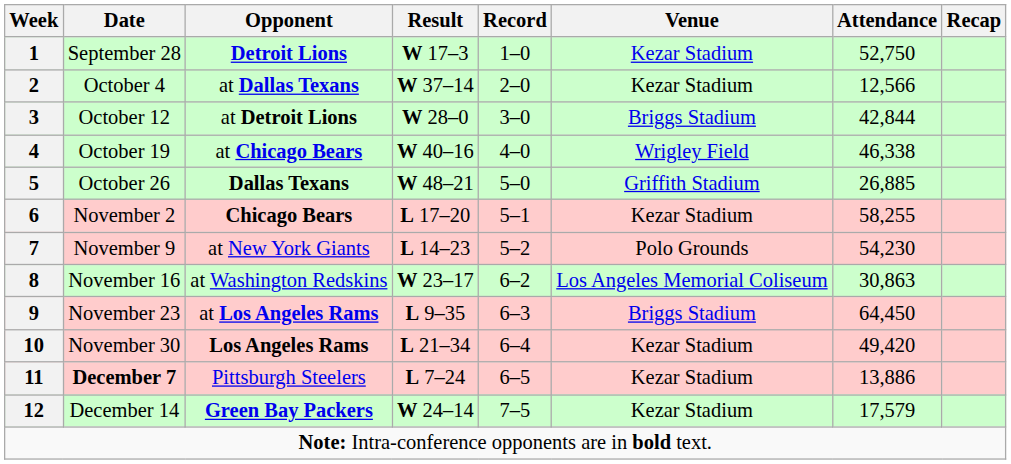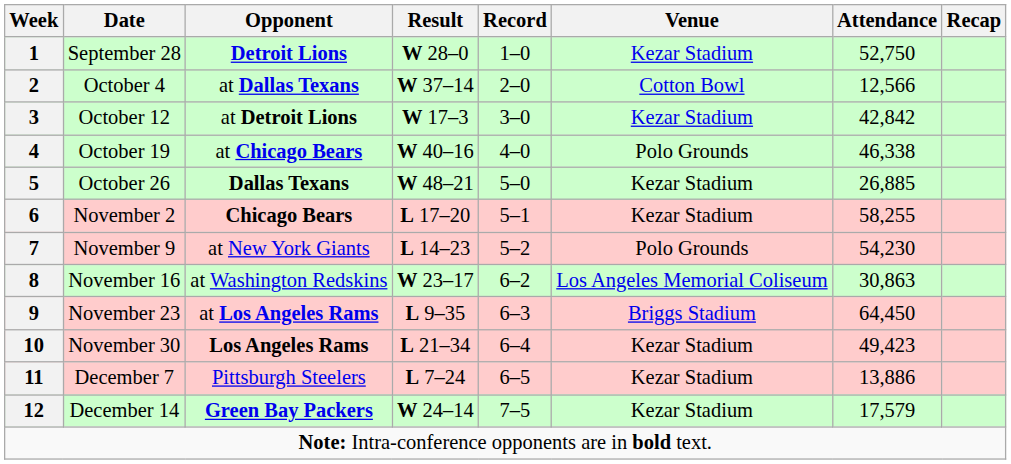 <table class="wikitable" style="text-align:center">
 <tr>
 <th>Week</th>
 <th>Date</th>
 <th>Opponent</th>
 <th>Result</th>
 <th>Record</th>
 <th>Venue</th>
 <th>Attendance</th>
 <th>Recap</th>
 </tr>
 <tr style="background:#cfc">
 <th>1</th>
 <td>September 28</td>
 <td><strong><a href='#'>Detroit Lions</a></strong></td>
-<td><strong>W</strong> 17–3</td>
+<td><strong>W</strong> 28–0</td>
 <td>1–0</td>
 <td><a href='#'>Kezar Stadium</a></td>
 <td>52,750</td>
 <td></td>
 </tr>
 <tr style="background:#cfc">
 <th>2</th>
 <td>October 4</td>
 <td>at <strong><a href='#'>Dallas Texans</a></strong></td>
 <td><strong>W</strong> 37–14</td>
 <td>2–0</td>
-<td>Kezar Stadium</td>
+<td><a href='#'>Cotton Bowl</a></td>
 <td>12,566</td>
 <td></td>
 </tr>
 <tr style="background:#cfc">
 <th>3</th>
 <td>October 12</td>
 <td>at <strong>Detroit Lions</strong></td>
-<td><strong>W</strong> 28–0</td>
+<td><strong>W</strong> 17–3</td>
 <td>3–0</td>
-<td><a href='#'>Briggs Stadium</a></td>
-<td>42,844</td>
+<td><a href='#'>Kezar Stadium</a></td>
+<td>42,842</td>
 <td></td>
 </tr>
 <tr style="background:#cfc">
 <th>4</th>
 <td>October 19</td>
 <td>at <strong><a href='#'>Chicago Bears</a></strong></td>
 <td><strong>W</strong> 40–16</td>
 <td>4–0</td>
-<td><a href='#'>Wrigley Field</a></td>
+<td>Polo Grounds</td>
 <td>46,338</td>
 <td></td>
 </tr>
 <tr style="background:#cfc">
 <th>5</th>
 <td>October 26</td>
 <td><strong>Dallas Texans</strong></td>
 <td><strong>W</strong> 48–21</td>
 <td>5–0</td>
-<td><a href='#'>Griffith Stadium</a></td>
+<td>Kezar Stadium</td>
 <td>26,885</td>
 <td></td>
 </tr>
 <tr style="background:#fcc">
 <th>6</th>
 <td>November 2</td>
 <td><strong>Chicago Bears</strong></td>
 <td><strong>L</strong> 17–20</td>
 <td>5–1</td>
 <td>Kezar Stadium</td>
 <td>58,255</td>
 <td></td>
 </tr>
 <tr style="background:#fcc">
 <th>7</th>
 <td>November 9</td>
 <td>at <a href='#'>New York Giants</a></td>
 <td><strong>L</strong> 14–23</td>
 <td>5–2</td>
 <td>Polo Grounds</td>
 <td>54,230</td>
 <td></td>
 </tr>
 <tr style="background:#cfc">
 <th>8</th>
 <td>November 16</td>
 <td>at <a href='#'>Washington Redskins</a></td>
 <td><strong>W</strong> 23–17</td>
 <td>6–2</td>
 <td><a href='#'>Los Angeles Memorial Coliseum</a></td>
 <td>30,863</td>
 <td></td>
 </tr>
 <tr style="background:#fcc">
 <th>9</th>
 <td>November 23</td>
 <td>at <strong><a href='#'>Los Angeles Rams</a></strong></td>
 <td><strong>L</strong> 9–35</td>
 <td>6–3</td>
 <td><a href='#'>Briggs Stadium</a></td>
 <td>64,450</td>
 <td></td>
 </tr>
 <tr style="background:#fcc">
 <th>10</th>
 <td>November 30</td>
 <td><strong>Los Angeles Rams</strong></td>
 <td><strong>L</strong> 21–34</td>
 <td>6–4</td>
 <td>Kezar Stadium</td>
-<td>49,420</td>
+<td>49,423</td>
 <td></td>
 </tr>
 <tr style="background:#fcc">
 <th>11</th>
-<td><strong>December 7</strong></td>
+<td>December 7</td>
 <td><a href='#'>Pittsburgh Steelers</a></td>
 <td><strong>L</strong> 7–24</td>
 <td>6–5</td>
 <td>Kezar Stadium</td>
 <td>13,886</td>
 <td></td>
 </tr>
 <tr style="background:#cfc">
 <th>12</th>
 <td>December 14</td>
 <td><strong><a href='#'>Green Bay Packers</a></strong></td>
 <td><strong>W</strong> 24–14</td>
 <td>7–5</td>
 <td>Kezar Stadium</td>
 <td>17,579</td>
 <td></td>
 </tr>
 <tr>
 <td colspan="8"><strong>Note:</strong> Intra-conference opponents are in <strong>bold</strong> text.</td>
 </tr>
 </table>
